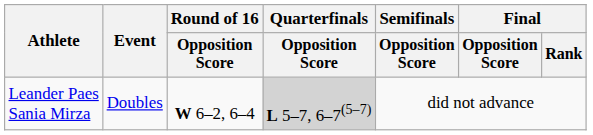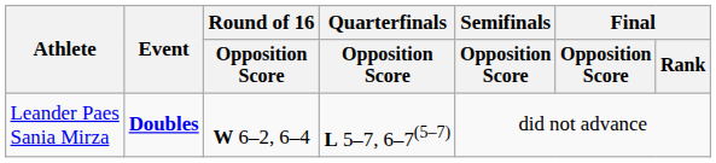 <table class=wikitable style="font-size:90%">
 <tr>
 <th rowspan="2">Athlete</th>
 <th rowspan="2">Event</th>
 <th>Round of 16</th>
 <th>Quarterfinals</th>
 <th>Semifinals</th>
 <th colspan=2>Final</th>
 </tr>
 <tr style="font-size:95%">
 <th>Opposition<br>Score</th>
 <th>Opposition<br>Score</th>
 <th>Opposition<br>Score</th>
 <th>Opposition<br>Score</th>
 <th>Rank</th>
 </tr>
 <tr align=center>
 <td align=left><a href='#'>Leander Paes</a><br><a href='#'>Sania Mirza</a></td>
-<td align=left><a href='#'>Doubles</a></td>
+<td align=left><strong><a href='#'>Doubles</a></strong></td>
 <td><br> <strong>W</strong> 6–2, 6–4</td>
-<td style="background: lightgrey;"><br><strong>L</strong> 5–7, 6–7<sup>(5–7)</sup></td>
+<td><br><strong>L</strong> 5–7, 6–7<sup>(5–7)</sup></td>
 <td colspan=3>did not advance</td>
 </tr>
 </table>
